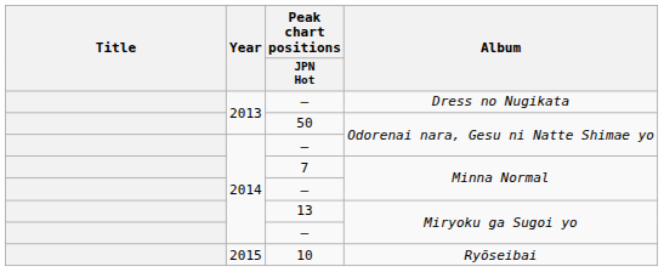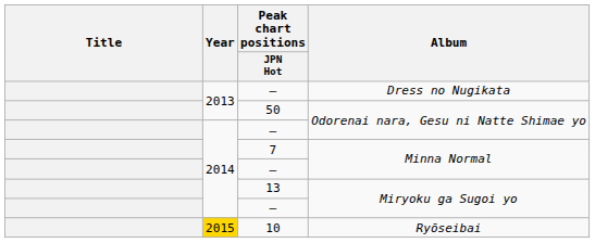 <table class="wikitable plainrowheaders" style="text-align:center;">
 <tr>
 <th scope="col" rowspan="2" style="width:16em;">Title</th>
 <th scope="col" rowspan="2">Year</th>
 <th scope="col" colspan="1">Peak chart positions</th>
 <th scope="col" rowspan="2">Album</th>
 </tr>
 <tr>
 <th style="width:3em;font-size:85%">JPN<br>Hot<br></th>
 </tr>
 <tr>
 <th scope="row"></th>
 <td rowspan="2">2013</td>
 <td>—</td>
 <td><em>Dress no Nugikata</em></td>
 </tr>
 <tr>
 <th scope="row"></th>
 <td>50</td>
 <td rowspan=2><em>Odorenai nara, Gesu ni Natte Shimae yo</em></td>
 </tr>
 <tr>
 <th scope="row"></th>
 <td rowspan="5">2014</td>
 <td>—</td>
 </tr>
 <tr>
 <th scope="row"></th>
 <td>7</td>
 <td rowspan=2><em>Minna Normal</em></td>
 </tr>
 <tr>
 <th scope="row"></th>
 <td>—</td>
 </tr>
 <tr>
 <th scope="row"></th>
 <td>13</td>
 <td rowspan=2><em>Miryoku ga Sugoi yo</em></td>
 </tr>
 <tr>
 <th scope="row"></th>
 <td>—</td>
 </tr>
 <tr>
 <th scope="row"></th>
-<td>2015</td>
+<td style="background: gold;">2015</td>
 <td>10</td>
 <td><em>Ryōseibai</em></td>
 </tr>
 </table>
